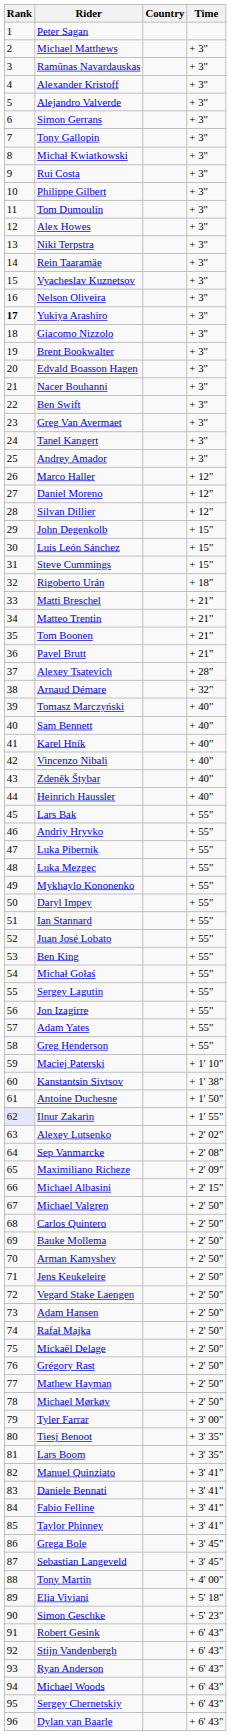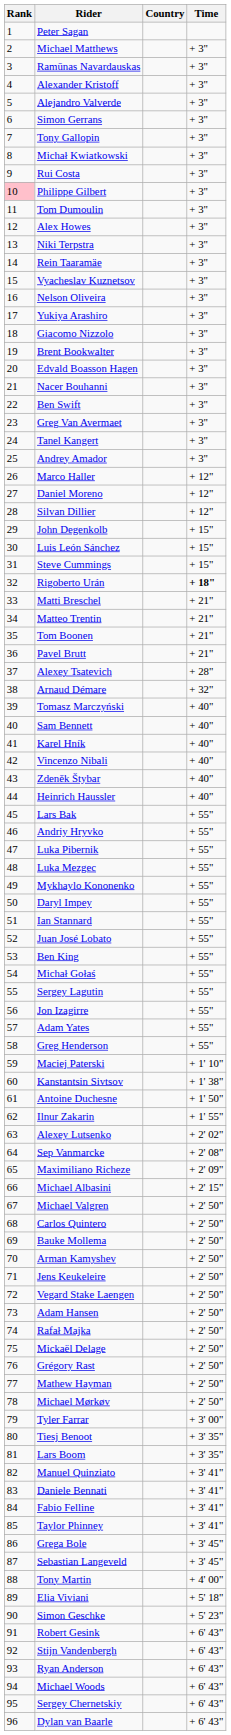 <table class="wikitable" style="font-size:95%; text-align:left;">
 <tr>
 <th>Rank</th>
 <th>Rider</th>
 <th>Country</th>
 <th>Time</th>
 </tr>
 <tr>
 <td>1</td>
 <td><a href='#'>Peter Sagan</a></td>
 <td></td>
 <td></td>
 </tr>
 <tr>
 <td>2</td>
 <td><a href='#'>Michael Matthews</a></td>
 <td></td>
 <td>+ 3"</td>
 </tr>
 <tr>
 <td>3</td>
 <td><a href='#'>Ramūnas Navardauskas</a></td>
 <td></td>
 <td>+ 3"</td>
 </tr>
 <tr>
 <td>4</td>
 <td><a href='#'>Alexander Kristoff</a></td>
 <td></td>
 <td>+ 3"</td>
 </tr>
 <tr>
 <td>5</td>
 <td><a href='#'>Alejandro Valverde</a></td>
 <td></td>
 <td>+ 3"</td>
 </tr>
 <tr>
 <td>6</td>
 <td><a href='#'>Simon Gerrans</a></td>
 <td></td>
 <td>+ 3"</td>
 </tr>
 <tr>
 <td>7</td>
 <td><a href='#'>Tony Gallopin</a></td>
 <td></td>
 <td>+ 3"</td>
 </tr>
 <tr>
 <td>8</td>
 <td><a href='#'>Michał Kwiatkowski</a></td>
 <td></td>
 <td>+ 3"</td>
 </tr>
 <tr>
 <td>9</td>
 <td><a href='#'>Rui Costa</a></td>
 <td></td>
 <td>+ 3"</td>
 </tr>
 <tr>
-<td>10</td>
+<td style="background: pink;">10</td>
 <td><a href='#'>Philippe Gilbert</a></td>
 <td></td>
 <td>+ 3"</td>
 </tr>
 <tr>
 <td>11</td>
 <td><a href='#'>Tom Dumoulin</a></td>
 <td></td>
 <td>+ 3"</td>
 </tr>
 <tr>
 <td>12</td>
 <td><a href='#'>Alex Howes</a></td>
 <td></td>
 <td>+ 3"</td>
 </tr>
 <tr>
 <td>13</td>
 <td><a href='#'>Niki Terpstra</a></td>
 <td></td>
 <td>+ 3"</td>
 </tr>
 <tr>
 <td>14</td>
 <td><a href='#'>Rein Taaramäe</a></td>
 <td></td>
 <td>+ 3"</td>
 </tr>
 <tr>
 <td>15</td>
 <td><a href='#'>Vyacheslav Kuznetsov</a></td>
 <td></td>
 <td>+ 3"</td>
 </tr>
 <tr>
 <td>16</td>
 <td><a href='#'>Nelson Oliveira</a></td>
 <td></td>
 <td>+ 3"</td>
 </tr>
 <tr>
-<td><strong>17</strong></td>
+<td>17</td>
 <td><a href='#'>Yukiya Arashiro</a></td>
 <td></td>
 <td>+ 3"</td>
 </tr>
 <tr>
 <td>18</td>
 <td><a href='#'>Giacomo Nizzolo</a></td>
 <td></td>
 <td>+ 3"</td>
 </tr>
 <tr>
 <td>19</td>
 <td><a href='#'>Brent Bookwalter</a></td>
 <td></td>
 <td>+ 3"</td>
 </tr>
 <tr>
 <td>20</td>
 <td><a href='#'>Edvald Boasson Hagen</a></td>
 <td></td>
 <td>+ 3"</td>
 </tr>
 <tr>
 <td>21</td>
 <td><a href='#'>Nacer Bouhanni</a></td>
 <td></td>
 <td>+ 3"</td>
 </tr>
 <tr>
 <td>22</td>
 <td><a href='#'>Ben Swift</a></td>
 <td></td>
 <td>+ 3"</td>
 </tr>
 <tr>
 <td>23</td>
 <td><a href='#'>Greg Van Avermaet</a></td>
 <td></td>
 <td>+ 3"</td>
 </tr>
 <tr>
 <td>24</td>
 <td><a href='#'>Tanel Kangert</a></td>
 <td></td>
 <td>+ 3"</td>
 </tr>
 <tr>
 <td>25</td>
 <td><a href='#'>Andrey Amador</a></td>
 <td></td>
 <td>+ 3"</td>
 </tr>
 <tr>
 <td>26</td>
 <td><a href='#'>Marco Haller</a></td>
 <td></td>
 <td>+ 12"</td>
 </tr>
 <tr>
 <td>27</td>
 <td><a href='#'>Daniel Moreno</a></td>
 <td></td>
 <td>+ 12"</td>
 </tr>
 <tr>
 <td>28</td>
 <td><a href='#'>Silvan Dillier</a></td>
 <td></td>
 <td>+ 12"</td>
 </tr>
 <tr>
 <td>29</td>
 <td><a href='#'>John Degenkolb</a></td>
 <td></td>
 <td>+ 15"</td>
 </tr>
 <tr>
 <td>30</td>
 <td><a href='#'>Luis León Sánchez</a></td>
 <td></td>
 <td>+ 15"</td>
 </tr>
 <tr>
 <td>31</td>
 <td><a href='#'>Steve Cummings</a></td>
 <td></td>
 <td>+ 15"</td>
 </tr>
 <tr>
 <td>32</td>
 <td><a href='#'>Rigoberto Urán</a></td>
 <td></td>
-<td>+ 18"</td>
+<td><strong>+ 18"</strong></td>
 </tr>
 <tr>
 <td>33</td>
 <td><a href='#'>Matti Breschel</a></td>
 <td></td>
 <td>+ 21"</td>
 </tr>
 <tr>
 <td>34</td>
 <td><a href='#'>Matteo Trentin</a></td>
 <td></td>
 <td>+ 21"</td>
 </tr>
 <tr>
 <td>35</td>
 <td><a href='#'>Tom Boonen</a></td>
 <td></td>
 <td>+ 21"</td>
 </tr>
 <tr>
 <td>36</td>
 <td><a href='#'>Pavel Brutt</a></td>
 <td></td>
 <td>+ 21"</td>
 </tr>
 <tr>
 <td>37</td>
 <td><a href='#'>Alexey Tsatevich</a></td>
 <td></td>
 <td>+ 28"</td>
 </tr>
 <tr>
 <td>38</td>
 <td><a href='#'>Arnaud Démare</a></td>
 <td></td>
 <td>+ 32"</td>
 </tr>
 <tr>
 <td>39</td>
 <td><a href='#'>Tomasz Marczyński</a></td>
 <td></td>
 <td>+ 40"</td>
 </tr>
 <tr>
 <td>40</td>
 <td><a href='#'>Sam Bennett</a></td>
 <td></td>
 <td>+ 40"</td>
 </tr>
 <tr>
 <td>41</td>
 <td><a href='#'>Karel Hník</a></td>
 <td></td>
 <td>+ 40"</td>
 </tr>
 <tr>
 <td>42</td>
 <td><a href='#'>Vincenzo Nibali</a></td>
 <td></td>
 <td>+ 40"</td>
 </tr>
 <tr>
 <td>43</td>
 <td><a href='#'>Zdeněk Štybar</a></td>
 <td></td>
 <td>+ 40"</td>
 </tr>
 <tr>
 <td>44</td>
 <td><a href='#'>Heinrich Haussler</a></td>
 <td></td>
 <td>+ 40"</td>
 </tr>
 <tr>
 <td>45</td>
 <td><a href='#'>Lars Bak</a></td>
 <td></td>
 <td>+ 55"</td>
 </tr>
 <tr>
 <td>46</td>
 <td><a href='#'>Andriy Hryvko</a></td>
 <td></td>
 <td>+ 55"</td>
 </tr>
 <tr>
 <td>47</td>
 <td><a href='#'>Luka Pibernik</a></td>
 <td></td>
 <td>+ 55"</td>
 </tr>
 <tr>
 <td>48</td>
 <td><a href='#'>Luka Mezgec</a></td>
 <td></td>
 <td>+ 55"</td>
 </tr>
 <tr>
 <td>49</td>
 <td><a href='#'>Mykhaylo Kononenko</a></td>
 <td></td>
 <td>+ 55"</td>
 </tr>
 <tr>
 <td>50</td>
 <td><a href='#'>Daryl Impey</a></td>
 <td></td>
 <td>+ 55"</td>
 </tr>
 <tr>
 <td>51</td>
 <td><a href='#'>Ian Stannard</a></td>
 <td></td>
 <td>+ 55"</td>
 </tr>
 <tr>
 <td>52</td>
 <td><a href='#'>Juan José Lobato</a></td>
 <td></td>
 <td>+ 55"</td>
 </tr>
 <tr>
 <td>53</td>
 <td><a href='#'>Ben King</a></td>
 <td></td>
 <td>+ 55"</td>
 </tr>
 <tr>
 <td>54</td>
 <td><a href='#'>Michał Gołaś</a></td>
 <td></td>
 <td>+ 55"</td>
 </tr>
 <tr>
 <td>55</td>
 <td><a href='#'>Sergey Lagutin</a></td>
 <td></td>
 <td>+ 55"</td>
 </tr>
 <tr>
 <td>56</td>
 <td><a href='#'>Jon Izagirre</a></td>
 <td></td>
 <td>+ 55"</td>
 </tr>
 <tr>
 <td>57</td>
 <td><a href='#'>Adam Yates</a></td>
 <td></td>
 <td>+ 55"</td>
 </tr>
 <tr>
 <td>58</td>
 <td><a href='#'>Greg Henderson</a></td>
 <td></td>
 <td>+ 55"</td>
 </tr>
 <tr>
 <td>59</td>
 <td><a href='#'>Maciej Paterski</a></td>
 <td></td>
 <td>+ 1' 10"</td>
 </tr>
 <tr>
 <td>60</td>
 <td><a href='#'>Kanstantsin Sivtsov</a></td>
 <td></td>
 <td>+ 1' 38"</td>
 </tr>
 <tr>
 <td>61</td>
 <td><a href='#'>Antoine Duchesne</a></td>
 <td></td>
 <td>+ 1' 50"</td>
 </tr>
 <tr>
-<td style="background: lavender;">62</td>
+<td>62</td>
 <td><a href='#'>Ilnur Zakarin</a></td>
 <td></td>
 <td>+ 1' 55"</td>
 </tr>
 <tr>
 <td>63</td>
 <td><a href='#'>Alexey Lutsenko</a></td>
 <td></td>
 <td>+ 2' 02"</td>
 </tr>
 <tr>
 <td>64</td>
 <td><a href='#'>Sep Vanmarcke</a></td>
 <td></td>
 <td>+ 2' 08"</td>
 </tr>
 <tr>
 <td>65</td>
 <td><a href='#'>Maximiliano Richeze</a></td>
 <td></td>
 <td>+ 2' 09"</td>
 </tr>
 <tr>
 <td>66</td>
 <td><a href='#'>Michael Albasini</a></td>
 <td></td>
 <td>+ 2' 15"</td>
 </tr>
 <tr>
 <td>67</td>
 <td><a href='#'>Michael Valgren</a></td>
 <td></td>
 <td>+ 2' 50"</td>
 </tr>
 <tr>
 <td>68</td>
 <td><a href='#'>Carlos Quintero</a></td>
 <td></td>
 <td>+ 2' 50"</td>
 </tr>
 <tr>
 <td>69</td>
 <td><a href='#'>Bauke Mollema</a></td>
 <td></td>
 <td>+ 2' 50"</td>
 </tr>
 <tr>
 <td>70</td>
 <td><a href='#'>Arman Kamyshev</a></td>
 <td></td>
 <td>+ 2' 50"</td>
 </tr>
 <tr>
 <td>71</td>
 <td><a href='#'>Jens Keukeleire</a></td>
 <td></td>
 <td>+ 2' 50"</td>
 </tr>
 <tr>
 <td>72</td>
 <td><a href='#'>Vegard Stake Laengen</a></td>
 <td></td>
 <td>+ 2' 50"</td>
 </tr>
 <tr>
 <td>73</td>
 <td><a href='#'>Adam Hansen</a></td>
 <td></td>
 <td>+ 2' 50"</td>
 </tr>
 <tr>
 <td>74</td>
 <td><a href='#'>Rafał Majka</a></td>
 <td></td>
 <td>+ 2' 50"</td>
 </tr>
 <tr>
 <td>75</td>
 <td><a href='#'>Mickaël Delage</a></td>
 <td></td>
 <td>+ 2' 50"</td>
 </tr>
 <tr>
 <td>76</td>
 <td><a href='#'>Grégory Rast</a></td>
 <td></td>
 <td>+ 2' 50"</td>
 </tr>
 <tr>
 <td>77</td>
 <td><a href='#'>Mathew Hayman</a></td>
 <td></td>
 <td>+ 2' 50"</td>
 </tr>
 <tr>
 <td>78</td>
 <td><a href='#'>Michael Mørkøv</a></td>
 <td></td>
 <td>+ 2' 50"</td>
 </tr>
 <tr>
 <td>79</td>
 <td><a href='#'>Tyler Farrar</a></td>
 <td></td>
 <td>+ 3' 00"</td>
 </tr>
 <tr>
 <td>80</td>
 <td><a href='#'>Tiesj Benoot</a></td>
 <td></td>
 <td>+ 3' 35"</td>
 </tr>
 <tr>
 <td>81</td>
 <td><a href='#'>Lars Boom</a></td>
 <td></td>
 <td>+ 3' 35"</td>
 </tr>
 <tr>
 <td>82</td>
 <td><a href='#'>Manuel Quinziato</a></td>
 <td></td>
 <td>+ 3' 41"</td>
 </tr>
 <tr>
 <td>83</td>
 <td><a href='#'>Daniele Bennati</a></td>
 <td></td>
 <td>+ 3' 41"</td>
 </tr>
 <tr>
 <td>84</td>
 <td><a href='#'>Fabio Felline</a></td>
 <td></td>
 <td>+ 3' 41"</td>
 </tr>
 <tr>
 <td>85</td>
 <td><a href='#'>Taylor Phinney</a></td>
 <td></td>
 <td>+ 3' 41"</td>
 </tr>
 <tr>
 <td>86</td>
 <td><a href='#'>Grega Bole</a></td>
 <td></td>
 <td>+ 3' 45"</td>
 </tr>
 <tr>
 <td>87</td>
 <td><a href='#'>Sebastian Langeveld</a></td>
 <td></td>
 <td>+ 3' 45"</td>
 </tr>
 <tr>
 <td>88</td>
 <td><a href='#'>Tony Martin</a></td>
 <td></td>
 <td>+ 4' 00"</td>
 </tr>
 <tr>
 <td>89</td>
 <td><a href='#'>Elia Viviani</a></td>
 <td></td>
 <td>+ 5' 18"</td>
 </tr>
 <tr>
 <td>90</td>
 <td><a href='#'>Simon Geschke</a></td>
 <td></td>
 <td>+ 5' 23"</td>
 </tr>
 <tr>
 <td>91</td>
 <td><a href='#'>Robert Gesink</a></td>
 <td></td>
 <td>+ 6' 43"</td>
 </tr>
 <tr>
 <td>92</td>
 <td><a href='#'>Stijn Vandenbergh</a></td>
 <td></td>
 <td>+ 6' 43"</td>
 </tr>
 <tr>
 <td>93</td>
 <td><a href='#'>Ryan Anderson</a></td>
 <td></td>
 <td>+ 6' 43"</td>
 </tr>
 <tr>
 <td>94</td>
 <td><a href='#'>Michael Woods</a></td>
 <td></td>
 <td>+ 6' 43"</td>
 </tr>
 <tr>
 <td>95</td>
 <td><a href='#'>Sergey Chernetskiy</a></td>
 <td></td>
 <td>+ 6' 43"</td>
 </tr>
 <tr>
 <td>96</td>
 <td><a href='#'>Dylan van Baarle</a></td>
 <td></td>
 <td>+ 6' 43"</td>
 </tr>
 </table>
